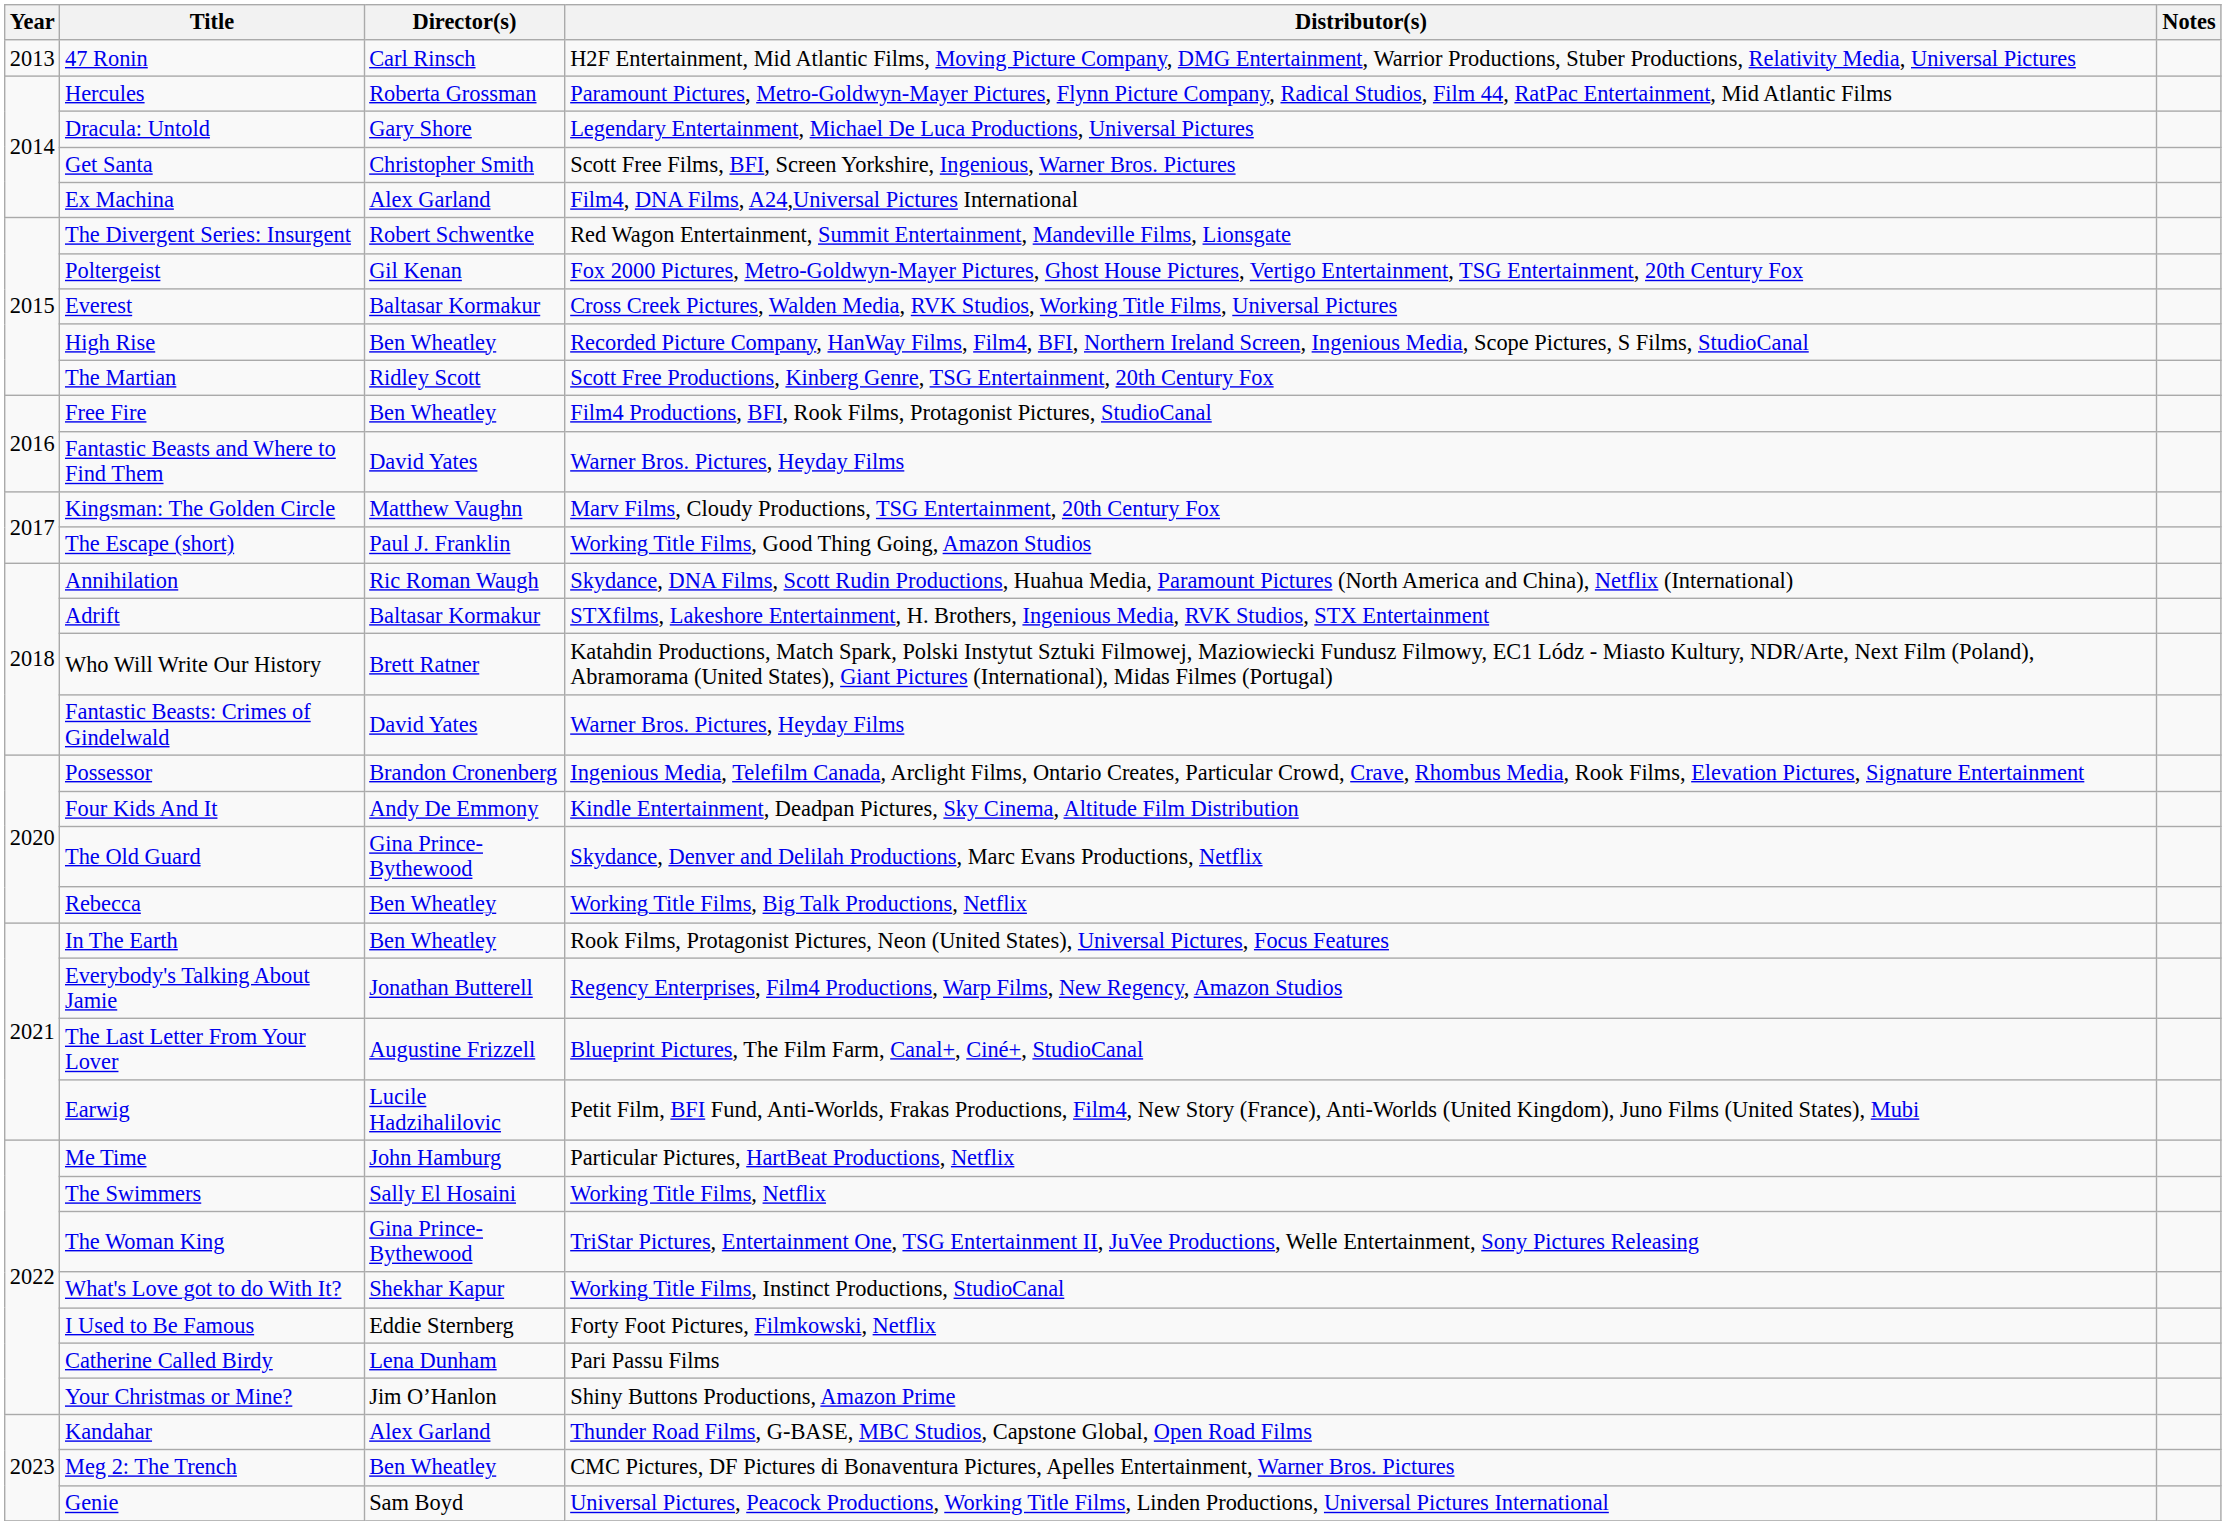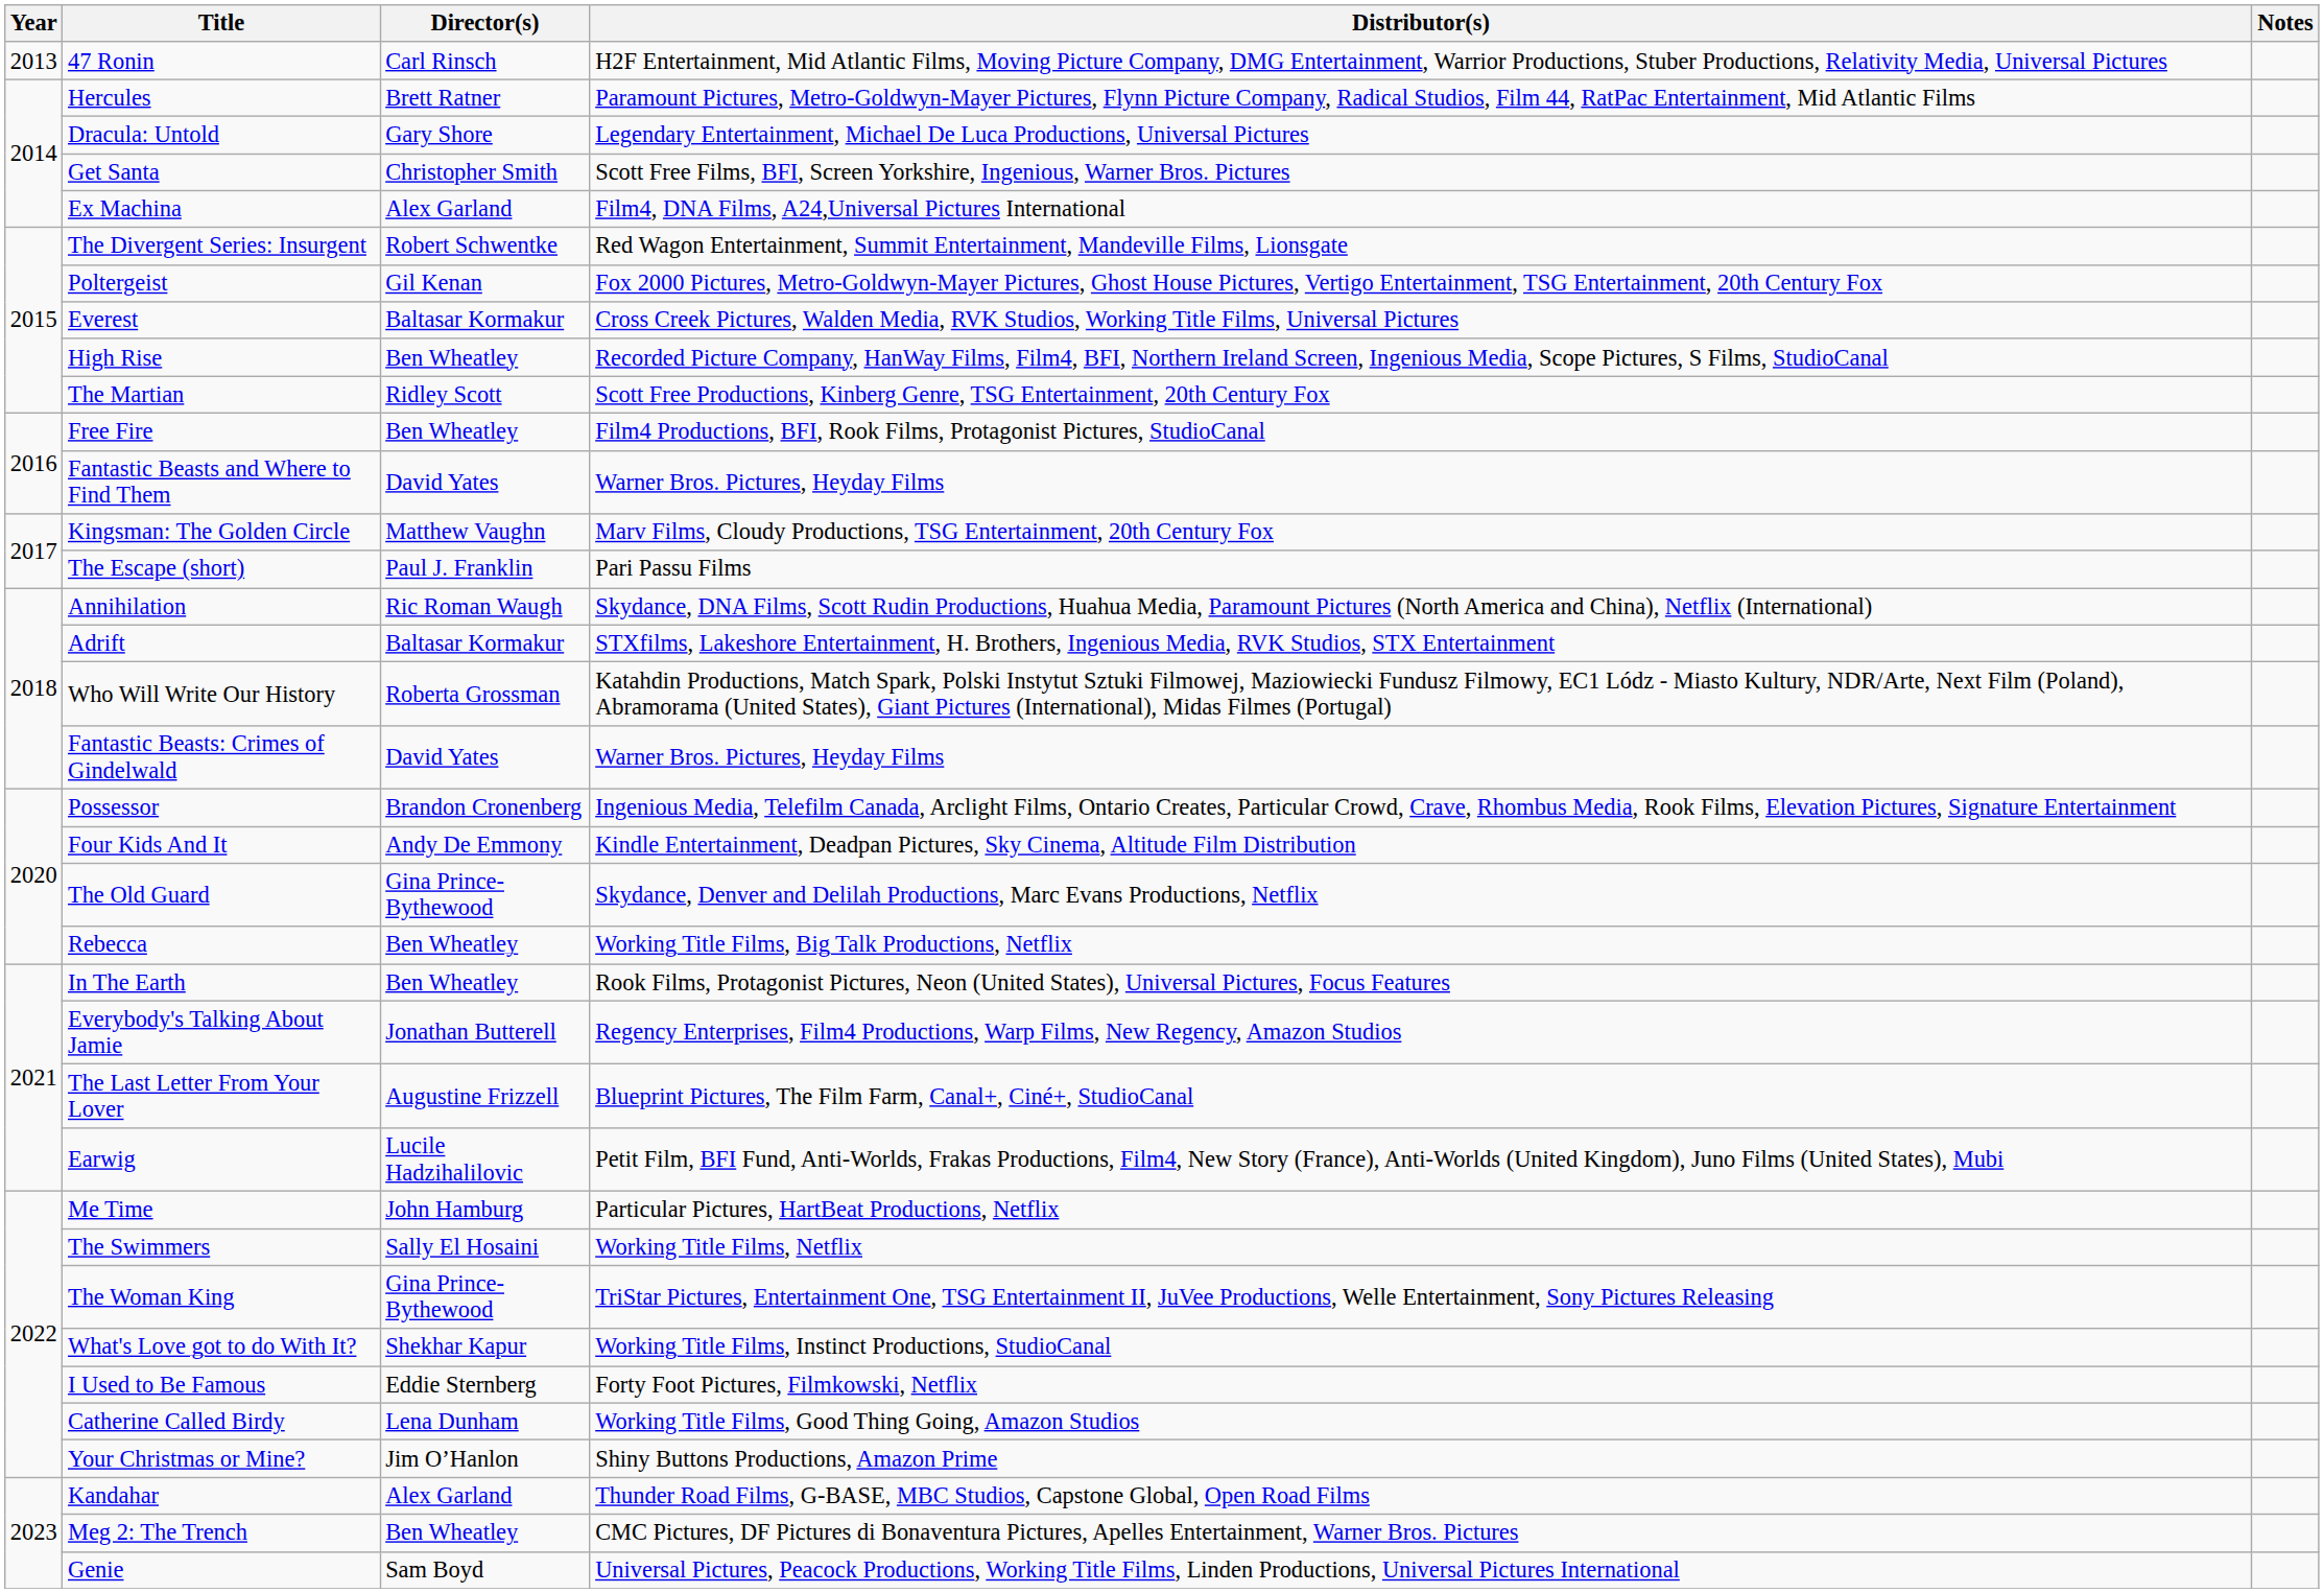 <table class="wikitable" style="width: 100%">
 <tr>
 <th>Year</th>
 <th>Title</th>
 <th>Director(s)</th>
 <th>Distributor(s)</th>
 <th>Notes</th>
 </tr>
 <tr>
 <td>2013</td>
 <td><a href='#'>47 Ronin</a></td>
 <td><a href='#'>Carl Rinsch</a></td>
 <td>H2F Entertainment, Mid Atlantic Films, <a href='#'>Moving Picture Company</a>, <a href='#'>DMG Entertainment</a>, Warrior Productions, Stuber Productions, <a href='#'>Relativity Media</a>, <a href='#'>Universal Pictures</a></td>
 <td></td>
 </tr>
 <tr>
 <td rowspan="4">2014</td>
 <td><a href='#'>Hercules</a></td>
-<td><a href='#'>Roberta Grossman</a></td>
+<td><a href='#'>Brett Ratner</a></td>
 <td><a href='#'>Paramount Pictures</a>, <a href='#'>Metro-Goldwyn-Mayer Pictures</a>, <a href='#'>Flynn Picture Company</a>, <a href='#'>Radical Studios</a>, <a href='#'>Film 44</a>, <a href='#'>RatPac Entertainment</a>, Mid Atlantic Films</td>
 <td></td>
 </tr>
 <tr>
 <td><a href='#'>Dracula: Untold</a></td>
 <td><a href='#'>Gary Shore</a></td>
 <td><a href='#'>Legendary Entertainment</a>, <a href='#'>Michael De Luca Productions</a>, <a href='#'>Universal Pictures</a></td>
 <td></td>
 </tr>
 <tr>
 <td><a href='#'>Get Santa</a></td>
 <td><a href='#'>Christopher Smith</a></td>
 <td>Scott Free Films, <a href='#'>BFI</a>, Screen Yorkshire, <a href='#'>Ingenious</a>, <a href='#'>Warner Bros. Pictures</a></td>
 <td></td>
 </tr>
 <tr>
 <td><a href='#'>Ex Machina</a></td>
 <td><a href='#'>Alex Garland</a></td>
 <td><a href='#'>Film4</a>, <a href='#'>DNA Films</a>, <a href='#'>A24</a>,<a href='#'>Universal Pictures</a> International</td>
 <td></td>
 </tr>
 <tr>
 <td rowspan="5">2015</td>
 <td><a href='#'>The Divergent Series: Insurgent</a></td>
 <td><a href='#'>Robert Schwentke</a></td>
 <td>Red Wagon Entertainment, <a href='#'>Summit Entertainment</a>, <a href='#'>Mandeville Films</a>, <a href='#'>Lionsgate</a></td>
 <td></td>
 </tr>
 <tr>
 <td><a href='#'>Poltergeist</a></td>
 <td><a href='#'>Gil Kenan</a></td>
 <td><a href='#'>Fox 2000 Pictures</a>, <a href='#'>Metro-Goldwyn-Mayer Pictures</a>, <a href='#'>Ghost House Pictures</a>, <a href='#'>Vertigo Entertainment</a>, <a href='#'>TSG Entertainment</a>, <a href='#'>20th Century Fox</a></td>
 <td></td>
 </tr>
 <tr>
 <td><a href='#'>Everest</a></td>
 <td><a href='#'>Baltasar Kormakur</a></td>
 <td><a href='#'>Cross Creek Pictures</a>, <a href='#'>Walden Media</a>, <a href='#'>RVK Studios</a>, <a href='#'>Working Title Films</a>, <a href='#'>Universal Pictures</a></td>
 <td></td>
 </tr>
 <tr>
 <td><a href='#'>High Rise</a></td>
 <td><a href='#'>Ben Wheatley</a></td>
 <td><a href='#'>Recorded Picture Company</a>, <a href='#'>HanWay Films</a>, <a href='#'>Film4</a>, <a href='#'>BFI</a>, <a href='#'>Northern Ireland Screen</a>, <a href='#'>Ingenious Media</a>, Scope Pictures, S Films, <a href='#'>StudioCanal</a></td>
 <td></td>
 </tr>
 <tr>
 <td><a href='#'>The Martian</a></td>
 <td><a href='#'>Ridley Scott</a></td>
 <td><a href='#'>Scott Free Productions</a>, <a href='#'>Kinberg Genre</a>, <a href='#'>TSG Entertainment</a>, <a href='#'>20th Century Fox</a></td>
 <td></td>
 </tr>
 <tr>
 <td rowspan="2">2016</td>
 <td><a href='#'>Free Fire</a></td>
 <td><a href='#'>Ben Wheatley</a></td>
 <td><a href='#'>Film4 Productions</a>, <a href='#'>BFI</a>, Rook Films, Protagonist Pictures, <a href='#'>StudioCanal</a></td>
 <td></td>
 </tr>
 <tr>
 <td><a href='#'>Fantastic Beasts and Where to Find Them</a></td>
 <td><a href='#'>David Yates</a></td>
 <td><a href='#'>Warner Bros. Pictures</a>, <a href='#'>Heyday Films</a></td>
 <td></td>
 </tr>
 <tr>
 <td rowspan="2">2017</td>
 <td><a href='#'>Kingsman: The Golden Circle</a></td>
 <td><a href='#'>Matthew Vaughn</a></td>
 <td><a href='#'>Marv Films</a>, Cloudy Productions, <a href='#'>TSG Entertainment</a>, <a href='#'>20th Century Fox</a></td>
 <td></td>
 </tr>
 <tr>
 <td><a href='#'>The Escape (short)</a></td>
 <td><a href='#'>Paul J. Franklin</a></td>
-<td><a href='#'>Working Title Films</a>, Good Thing Going, <a href='#'>Amazon Studios</a></td>
+<td>Pari Passu Films</td>
 <td></td>
 </tr>
 <tr>
 <td rowspan="4">2018</td>
 <td><a href='#'>Annihilation</a></td>
 <td><a href='#'>Ric Roman Waugh</a></td>
 <td><a href='#'>Skydance</a>, <a href='#'>DNA Films</a>, <a href='#'>Scott Rudin Productions</a>, Huahua Media, <a href='#'>Paramount Pictures</a> (North America and China), <a href='#'>Netflix</a> (International)</td>
 <td></td>
 </tr>
 <tr>
 <td><a href='#'>Adrift</a></td>
 <td><a href='#'>Baltasar Kormakur</a></td>
 <td><a href='#'>STXfilms</a>, <a href='#'>Lakeshore Entertainment</a>, H. Brothers, <a href='#'>Ingenious Media</a>, <a href='#'>RVK Studios</a>, <a href='#'>STX Entertainment</a></td>
 <td></td>
 </tr>
 <tr>
 <td>Who Will Write Our History</td>
-<td><a href='#'>Brett Ratner</a></td>
+<td><a href='#'>Roberta Grossman</a></td>
 <td>Katahdin Productions, Match Spark, Polski Instytut Sztuki Filmowej, Maziowiecki Fundusz Filmowy, EC1 Lódz - Miasto Kultury, NDR/Arte, Next Film (Poland), Abramorama (United States), <a href='#'>Giant Pictures</a> (International), Midas Filmes (Portugal)</td>
 <td></td>
 </tr>
 <tr>
 <td><a href='#'>Fantastic Beasts: Crimes of Gindelwald</a></td>
 <td><a href='#'>David Yates</a></td>
 <td><a href='#'>Warner Bros. Pictures</a>, <a href='#'>Heyday Films</a></td>
 <td></td>
 </tr>
 <tr>
 <td rowspan="4">2020</td>
 <td><a href='#'>Possessor</a></td>
 <td><a href='#'>Brandon Cronenberg</a></td>
 <td><a href='#'>Ingenious Media</a>, <a href='#'>Telefilm Canada</a>, Arclight Films, Ontario Creates, Particular Crowd, <a href='#'>Crave</a>, <a href='#'>Rhombus Media</a>, Rook Films, <a href='#'>Elevation Pictures</a>, <a href='#'>Signature Entertainment</a></td>
 <td></td>
 </tr>
 <tr>
 <td><a href='#'>Four Kids And It</a></td>
 <td><a href='#'>Andy De Emmony</a></td>
 <td><a href='#'>Kindle Entertainment</a>, Deadpan Pictures, <a href='#'>Sky Cinema</a>, <a href='#'>Altitude Film Distribution</a></td>
 <td></td>
 </tr>
 <tr>
 <td><a href='#'>The Old Guard</a></td>
 <td><a href='#'>Gina Prince-Bythewood</a></td>
 <td><a href='#'>Skydance</a>, <a href='#'>Denver and Delilah Productions</a>, Marc Evans Productions, <a href='#'>Netflix</a></td>
 <td></td>
 </tr>
 <tr>
 <td><a href='#'>Rebecca</a></td>
 <td><a href='#'>Ben Wheatley</a></td>
 <td><a href='#'>Working Title Films</a>, <a href='#'>Big Talk Productions</a>, <a href='#'>Netflix</a></td>
 <td></td>
 </tr>
 <tr>
 <td rowspan="4">2021</td>
 <td><a href='#'>In The Earth</a></td>
 <td><a href='#'>Ben Wheatley</a></td>
 <td>Rook Films, Protagonist Pictures, Neon (United States), <a href='#'>Universal Pictures</a>, <a href='#'>Focus Features</a></td>
 <td></td>
 </tr>
 <tr>
 <td><a href='#'>Everybody's Talking About Jamie</a></td>
 <td><a href='#'>Jonathan Butterell</a></td>
 <td><a href='#'>Regency Enterprises</a>, <a href='#'>Film4 Productions</a>, <a href='#'>Warp Films</a>, <a href='#'>New Regency</a>, <a href='#'>Amazon Studios</a></td>
 <td></td>
 </tr>
 <tr>
 <td><a href='#'>The Last Letter From Your Lover</a></td>
 <td><a href='#'>Augustine Frizzell</a></td>
 <td><a href='#'>Blueprint Pictures</a>, The Film Farm, <a href='#'>Canal+</a>, <a href='#'>Ciné+</a>, <a href='#'>StudioCanal</a></td>
 <td></td>
 </tr>
 <tr>
 <td><a href='#'>Earwig</a></td>
 <td><a href='#'>Lucile Hadzihalilovic</a></td>
 <td>Petit Film, <a href='#'>BFI</a> Fund, Anti-Worlds, Frakas Productions, <a href='#'>Film4</a>, New Story (France), Anti-Worlds (United Kingdom), Juno Films (United States), <a href='#'>Mubi</a></td>
 <td></td>
 </tr>
 <tr>
 <td rowspan="7">2022</td>
 <td><a href='#'>Me Time</a></td>
 <td><a href='#'>John Hamburg</a></td>
 <td>Particular Pictures, <a href='#'>HartBeat Productions</a>, <a href='#'>Netflix</a></td>
 <td></td>
 </tr>
 <tr>
 <td><a href='#'>The Swimmers</a></td>
 <td><a href='#'>Sally El Hosaini</a></td>
 <td><a href='#'>Working Title Films</a>, <a href='#'>Netflix</a></td>
 <td></td>
 </tr>
 <tr>
 <td><a href='#'>The Woman King</a></td>
 <td><a href='#'>Gina Prince-Bythewood</a></td>
 <td><a href='#'>TriStar Pictures</a>, <a href='#'>Entertainment One</a>, <a href='#'>TSG Entertainment II</a>, <a href='#'>JuVee Productions</a>, Welle Entertainment, <a href='#'>Sony Pictures Releasing</a></td>
 <td></td>
 </tr>
 <tr>
 <td><a href='#'>What's Love got to do With It?</a></td>
 <td><a href='#'>Shekhar Kapur</a></td>
 <td><a href='#'>Working Title Films</a>, Instinct Productions, <a href='#'>StudioCanal</a></td>
 <td></td>
 </tr>
 <tr>
 <td><a href='#'>I Used to Be Famous</a></td>
 <td>Eddie Sternberg</td>
 <td>Forty Foot Pictures, <a href='#'>Filmkowski</a>, <a href='#'>Netflix</a></td>
 <td></td>
 </tr>
 <tr>
 <td><a href='#'>Catherine Called Birdy</a></td>
 <td><a href='#'>Lena Dunham</a></td>
-<td>Pari Passu Films</td>
+<td><a href='#'>Working Title Films</a>, Good Thing Going, <a href='#'>Amazon Studios</a></td>
 <td></td>
 </tr>
 <tr>
 <td><a href='#'>Your Christmas or Mine?</a></td>
 <td>Jim O’Hanlon</td>
 <td>Shiny Buttons Productions, <a href='#'>Amazon Prime</a></td>
 <td></td>
 </tr>
 <tr>
 <td rowspan="3">2023</td>
 <td><a href='#'>Kandahar</a></td>
 <td><a href='#'>Alex Garland</a></td>
 <td><a href='#'>Thunder Road Films</a>, G-BASE, <a href='#'>MBC Studios</a>, Capstone Global, <a href='#'>Open Road Films</a></td>
 <td></td>
 </tr>
 <tr>
 <td><a href='#'>Meg 2: The Trench</a></td>
 <td><a href='#'>Ben Wheatley</a></td>
 <td>CMC Pictures, DF Pictures di Bonaventura Pictures, Apelles Entertainment, <a href='#'>Warner Bros. Pictures</a></td>
 <td></td>
 </tr>
 <tr>
 <td><a href='#'>Genie</a></td>
 <td>Sam Boyd</td>
 <td><a href='#'>Universal Pictures</a>, <a href='#'>Peacock Productions</a>, <a href='#'>Working Title Films</a>, Linden Productions, <a href='#'>Universal Pictures International</a></td>
 <td></td>
 </tr>
 </table>
